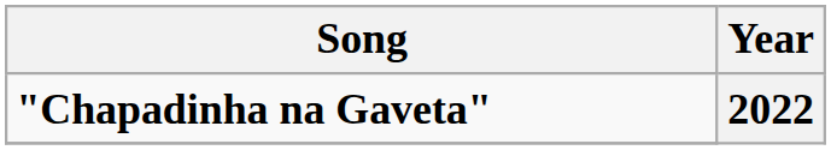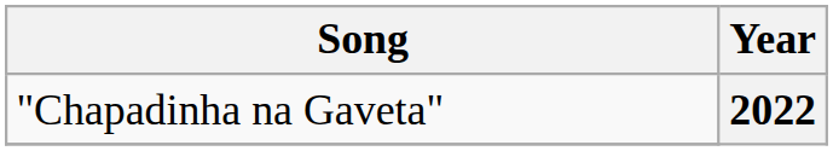 <table class="wikitable plainrowheaders">
 <tr>
 <th style="width:16em;">Song</th>
 <th>Year</th>
 </tr>
 <tr>
-<td><strong>"Chapadinha na Gaveta"</strong></td>
+<td>"Chapadinha na Gaveta"</td>
 <th rowspan="2" scope="row">2022</th>
 </tr>
 <tr>
 </tr>
 </table>
